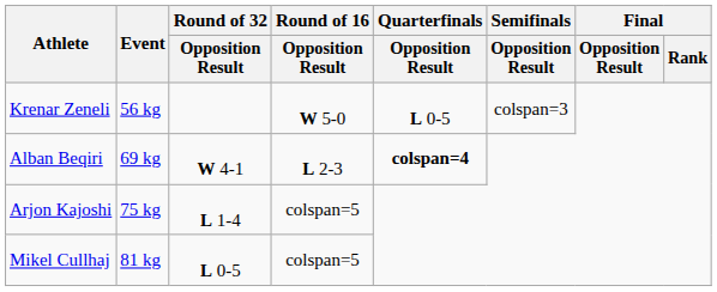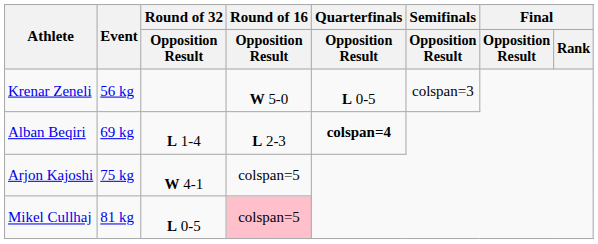 <table class="wikitable" style="font-size:90%">
 <tr>
 <th rowspan="2">Athlete</th>
 <th rowspan="2">Event</th>
 <th>Round of 32</th>
 <th>Round of 16</th>
 <th>Quarterfinals</th>
 <th>Semifinals</th>
 <th colspan=2>Final</th>
 </tr>
 <tr style="font-size:95%">
 <th>Opposition<br>Result</th>
 <th>Opposition<br>Result</th>
 <th>Opposition<br>Result</th>
 <th>Opposition<br>Result</th>
 <th>Opposition<br>Result</th>
 <th>Rank</th>
 </tr>
 <tr align=center>
 <td align=left><a href='#'>Krenar Zeneli</a></td>
 <td align=left><a href='#'>56 kg</a></td>
 <td></td>
 <td><br><strong>W</strong> 5-0</td>
 <td><br><strong>L</strong> 0-5</td>
 <td>colspan=3 </td>
 </tr>
 <tr align=center>
 <td align=left><a href='#'>Alban Beqiri</a></td>
 <td align=left><a href='#'>69 kg</a></td>
-<td><br><strong>W</strong> 4-1</td>
+<td><br><strong>L</strong> 1-4</td>
 <td><br><strong>L</strong> 2-3</td>
 <td><strong>colspan=4 </strong></td>
 </tr>
 <tr align=center>
 <td align=left><a href='#'>Arjon Kajoshi</a></td>
 <td align=left><a href='#'>75 kg</a></td>
-<td><br><strong>L</strong> 1-4</td>
+<td><br><strong>W</strong> 4-1</td>
 <td>colspan=5 </td>
 </tr>
 <tr align=center>
 <td align=left><a href='#'>Mikel Cullhaj</a></td>
 <td align=left><a href='#'>81 kg</a></td>
 <td><br><strong>L</strong> 0-5</td>
-<td>colspan=5 </td>
+<td style="background: pink;">colspan=5 </td>
 </tr>
 </table>
